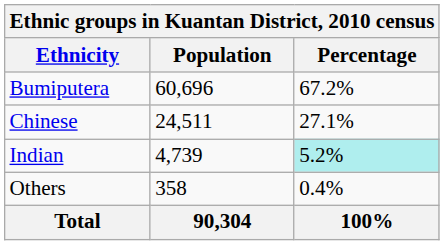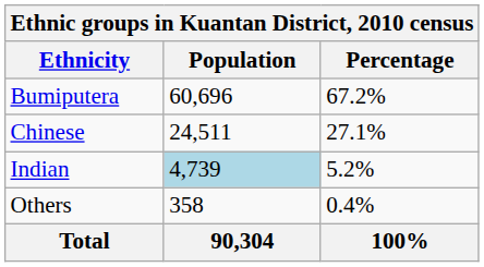 <table class="wikitable">
 <tr>
 <th style="text-align:center;" colspan="3">Ethnic groups in Kuantan District, 2010 census</th>
 </tr>
 <tr>
 <th><a href='#'>Ethnicity</a></th>
 <th>Population</th>
 <th>Percentage</th>
 </tr>
 <tr>
 <td><a href='#'>Bumiputera</a></td>
 <td>60,696</td>
 <td>67.2%</td>
 </tr>
 <tr>
 <td><a href='#'>Chinese</a></td>
 <td>24,511</td>
 <td>27.1%</td>
 </tr>
 <tr>
 <td><a href='#'>Indian</a></td>
-<td>4,739</td>
-<td style="background: paleturquoise;">5.2%</td>
+<td style="background: lightblue;">4,739</td>
+<td>5.2%</td>
 </tr>
 <tr>
 <td>Others</td>
 <td>358</td>
 <td>0.4%</td>
 </tr>
 <tr>
 <th>Total</th>
 <th>90,304</th>
 <th>100%</th>
 </tr>
 </table>
